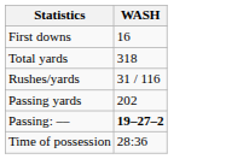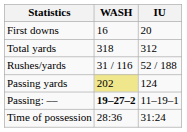 <table class="wikitable" style="float:left">
 <tr>
 <th>Statistics</th>
 <th>WASH</th>
+<th>IU</th>
 </tr>
 <tr>
 <td>First downs</td>
 <td>16</td>
+<td>20</td>
 </tr>
 <tr>
 <td>Total yards</td>
 <td>318</td>
+<td>312</td>
 </tr>
 <tr>
 <td>Rushes/yards</td>
 <td>31 / 116</td>
+<td>52 / 188</td>
 </tr>
 <tr>
 <td>Passing yards</td>
-<td>202</td>
+<td style="background: khaki;">202</td>
+<td>124</td>
 </tr>
 <tr>
 <td>Passing: ––</td>
 <td><strong>19–27–2</strong></td>
+<td>11–19–1</td>
 </tr>
 <tr>
 <td>Time of possession</td>
 <td>28:36</td>
+<td>31:24</td>
 </tr>
 </table>
